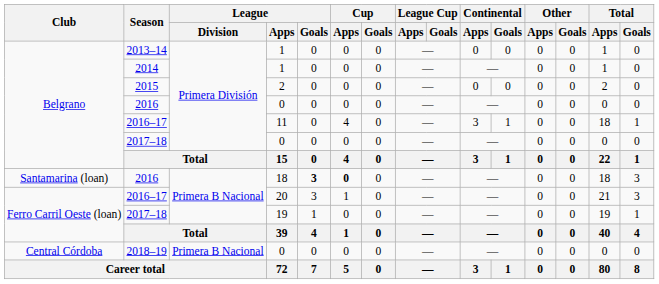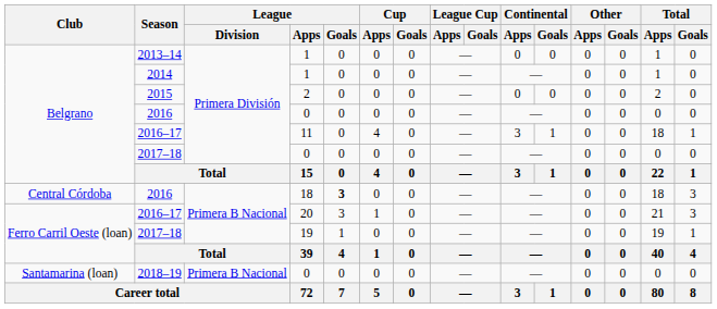 <table class="wikitable" style="text-align:center">
 <tr>
 <th rowspan="2">Club</th>
 <th rowspan="2">Season</th>
 <th colspan="3">League</th>
 <th colspan="2">Cup</th>
 <th colspan="2">League Cup</th>
 <th colspan="2">Continental</th>
 <th colspan="2">Other</th>
 <th colspan="2">Total</th>
 </tr>
 <tr>
 <th>Division</th>
 <th>Apps</th>
 <th>Goals</th>
 <th>Apps</th>
 <th>Goals</th>
 <th>Apps</th>
 <th>Goals</th>
 <th>Apps</th>
 <th>Goals</th>
 <th>Apps</th>
 <th>Goals</th>
 <th>Apps</th>
 <th>Goals</th>
 </tr>
 <tr>
 <td rowspan="7"><a href='#'>Belgrano</a></td>
 <td><a href='#'>2013–14</a></td>
 <td rowspan="6"><a href='#'>Primera División</a></td>
 <td>1</td>
 <td>0</td>
 <td>0</td>
 <td>0</td>
 <td colspan="2">—</td>
 <td>0</td>
 <td>0</td>
 <td>0</td>
 <td>0</td>
 <td>1</td>
 <td>0</td>
 </tr>
 <tr>
 <td><a href='#'>2014</a></td>
 <td>1</td>
 <td>0</td>
 <td>0</td>
 <td>0</td>
 <td colspan="2">—</td>
 <td colspan="2">—</td>
 <td>0</td>
 <td>0</td>
 <td>1</td>
 <td>0</td>
 </tr>
 <tr>
 <td><a href='#'>2015</a></td>
 <td>2</td>
 <td>0</td>
 <td>0</td>
 <td>0</td>
 <td colspan="2">—</td>
 <td>0</td>
 <td>0</td>
 <td>0</td>
 <td>0</td>
 <td>2</td>
 <td>0</td>
 </tr>
 <tr>
 <td><a href='#'>2016</a></td>
 <td>0</td>
 <td>0</td>
 <td>0</td>
 <td>0</td>
 <td colspan="2">—</td>
 <td colspan="2">—</td>
 <td>0</td>
 <td>0</td>
 <td>0</td>
 <td>0</td>
 </tr>
 <tr>
 <td><a href='#'>2016–17</a></td>
 <td>11</td>
 <td>0</td>
 <td>4</td>
 <td>0</td>
 <td colspan="2">—</td>
 <td>3</td>
 <td>1</td>
 <td>0</td>
 <td>0</td>
 <td>18</td>
 <td>1</td>
 </tr>
 <tr>
 <td><a href='#'>2017–18</a></td>
 <td>0</td>
 <td>0</td>
 <td>0</td>
 <td>0</td>
 <td colspan="2">—</td>
 <td colspan="2">—</td>
 <td>0</td>
 <td>0</td>
 <td>0</td>
 <td>0</td>
 </tr>
 <tr>
 <th colspan="2">Total</th>
 <th>15</th>
 <th>0</th>
 <th>4</th>
 <th>0</th>
 <th colspan="2">—</th>
 <th>3</th>
 <th>1</th>
 <th>0</th>
 <th>0</th>
 <th>22</th>
 <th>1</th>
 </tr>
 <tr>
-<td rowspan="1"><a href='#'>Santamarina</a> (loan)</td>
+<td rowspan="1"><a href='#'>Central Córdoba</a></td>
 <td><a href='#'>2016</a></td>
 <td rowspan="3"><a href='#'>Primera B Nacional</a></td>
 <td>18</td>
 <td><strong>3</strong></td>
-<td><strong>0</strong></td>
+<td>0</td>
 <td>0</td>
 <td colspan="2">—</td>
 <td colspan="2">—</td>
 <td>0</td>
 <td>0</td>
 <td>18</td>
 <td>3</td>
 </tr>
 <tr>
 <td rowspan="3"><a href='#'>Ferro Carril Oeste</a> (loan)</td>
 <td><a href='#'>2016–17</a></td>
 <td>20</td>
 <td>3</td>
 <td>1</td>
 <td>0</td>
 <td colspan="2">—</td>
 <td colspan="2">—</td>
 <td>0</td>
 <td>0</td>
 <td>21</td>
 <td>3</td>
 </tr>
 <tr>
 <td><a href='#'>2017–18</a></td>
 <td>19</td>
 <td>1</td>
 <td>0</td>
 <td>0</td>
 <td colspan="2">—</td>
 <td colspan="2">—</td>
 <td>0</td>
 <td>0</td>
 <td>19</td>
 <td>1</td>
 </tr>
 <tr>
 <th colspan="2">Total</th>
 <th>39</th>
 <th>4</th>
 <th>1</th>
 <th>0</th>
 <th colspan="2">—</th>
 <th colspan="2">—</th>
 <th>0</th>
 <th>0</th>
 <th>40</th>
 <th>4</th>
 </tr>
 <tr>
-<td rowspan="1"><a href='#'>Central Córdoba</a></td>
+<td rowspan="1"><a href='#'>Santamarina</a> (loan)</td>
 <td><a href='#'>2018–19</a></td>
 <td rowspan="1"><a href='#'>Primera B Nacional</a></td>
 <td>0</td>
 <td>0</td>
 <td>0</td>
 <td>0</td>
 <td colspan="2">—</td>
 <td colspan="2">—</td>
 <td>0</td>
 <td>0</td>
 <td>0</td>
 <td>0</td>
 </tr>
 <tr>
 <th colspan="3">Career total</th>
 <th>72</th>
 <th>7</th>
 <th>5</th>
 <th>0</th>
 <th colspan="2">—</th>
 <th>3</th>
 <th>1</th>
 <th>0</th>
 <th>0</th>
 <th>80</th>
 <th>8</th>
 </tr>
 </table>
